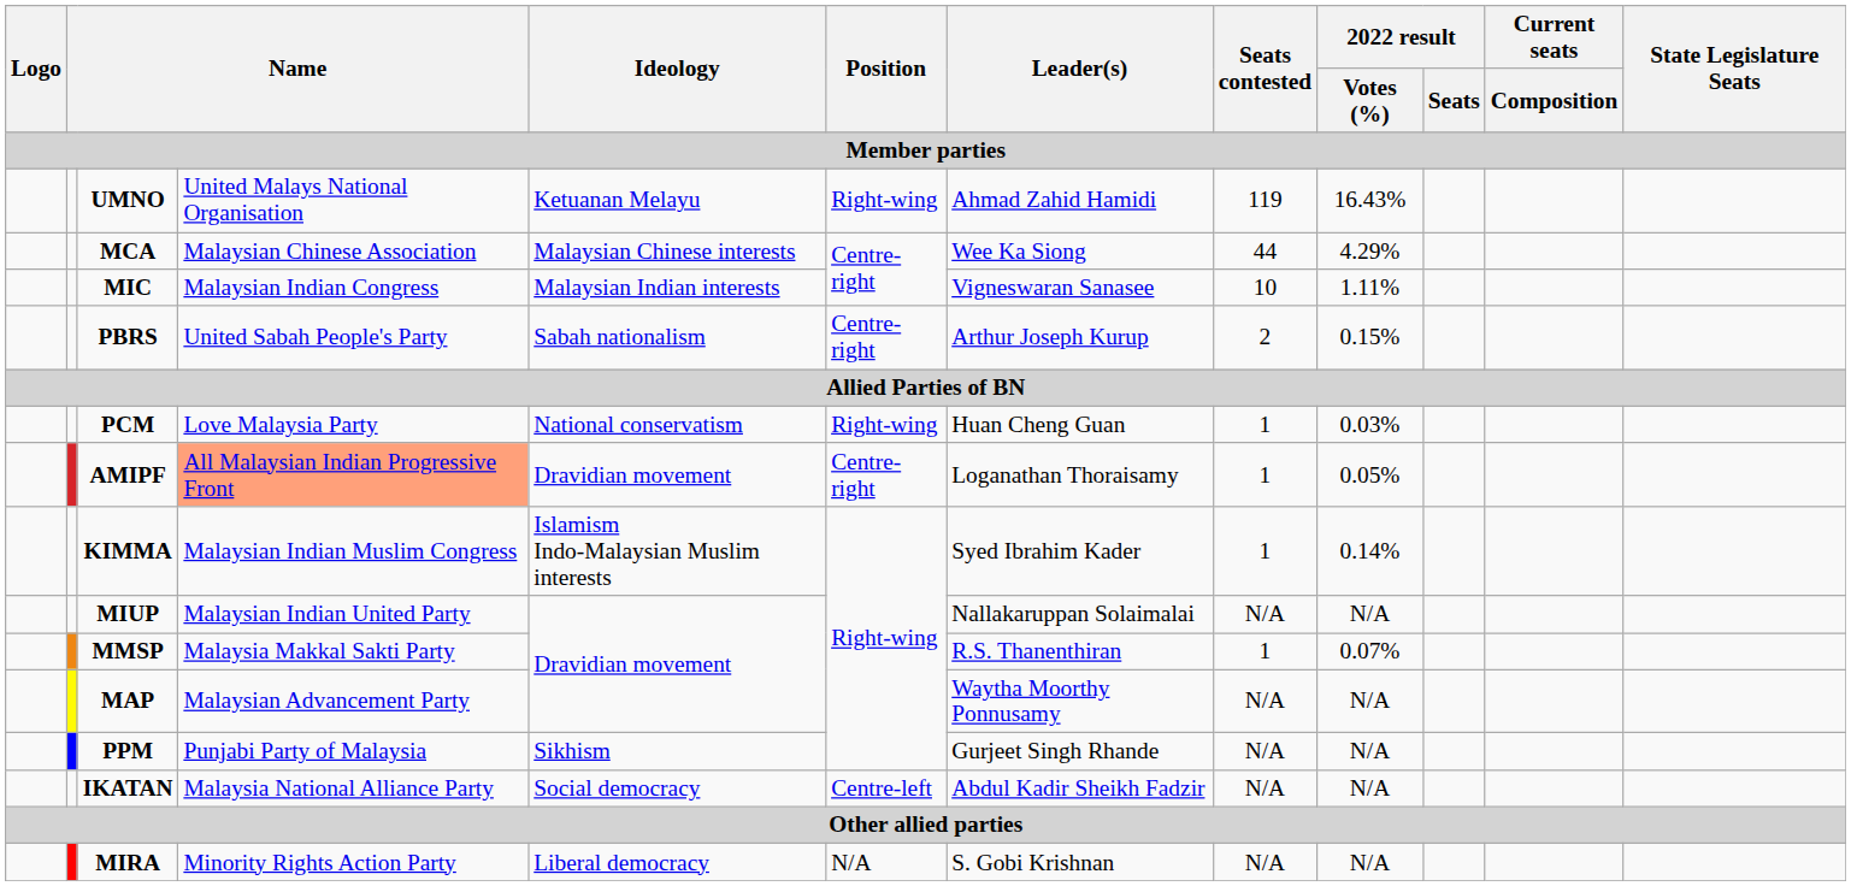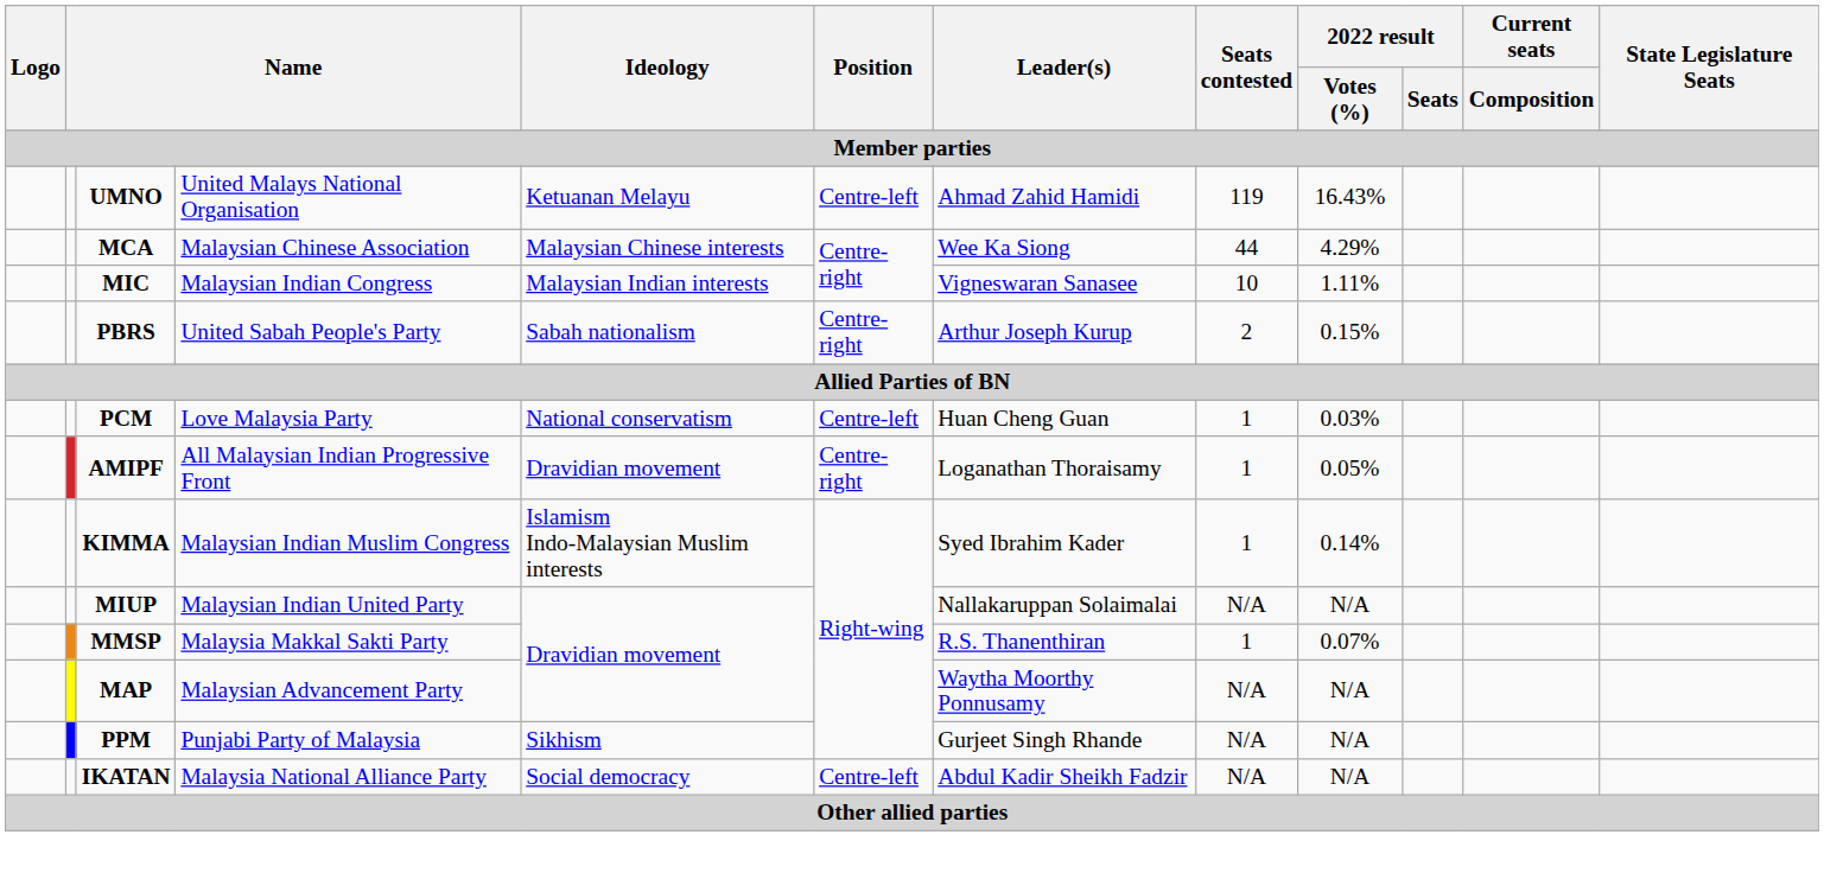 <table class="wikitable" style="width:100%;">
 <tr>
 <th rowspan="2">Logo</th>
 <th colspan="3" rowspan="2">Name</th>
 <th rowspan="2">Ideology</th>
 <th rowspan="2">Position</th>
 <th rowspan="2">Leader(s)</th>
 <th rowspan="2">Seats<br>contested</th>
 <th colspan="2">2022 result</th>
 <th>Current<br>seats</th>
 <th rowspan="2">State Legislature Seats</th>
 </tr>
 <tr>
 <th>Votes (%)</th>
 <th>Seats</th>
 <th>Composition</th>
 </tr>
 <tr>
 <td colspan="12" align="center" style="background:lightgrey;"><strong>Member parties</strong></td>
 </tr>
 <tr>
 <td></td>
 <td style="background:"></td>
 <td style="text-align:center;"><strong>UMNO</strong></td>
 <td><a href='#'>United Malays National Organisation</a><br></td>
 <td><a href='#'>Ketuanan Melayu</a></td>
-<td><a href='#'>Right-wing</a></td>
+<td><a href='#'>Centre-left</a></td>
 <td><a href='#'>Ahmad Zahid Hamidi</a></td>
 <td style="text-align:center;">119</td>
 <td style="text-align:center;">16.43%</td>
 <td></td>
 <td></td>
 <td></td>
 </tr>
 <tr>
 <td></td>
 <td style="background:"></td>
 <td style="text-align:center;"><strong>MCA</strong></td>
 <td><a href='#'>Malaysian Chinese Association</a><br></td>
 <td><a href='#'>Malaysian Chinese interests</a></td>
 <td rowspan="2"><a href='#'>Centre-right</a></td>
 <td><a href='#'>Wee Ka Siong</a></td>
 <td style="text-align:center;">44</td>
 <td style="text-align:center;">4.29%</td>
 <td></td>
 <td></td>
 <td></td>
 </tr>
 <tr>
 <td></td>
 <td style="background:"></td>
 <td style="text-align:center;"><strong>MIC</strong></td>
 <td><a href='#'>Malaysian Indian Congress</a><br></td>
 <td><a href='#'>Malaysian Indian interests</a></td>
 <td><a href='#'>Vigneswaran Sanasee</a></td>
 <td style="text-align:center;">10</td>
 <td style="text-align:center;">1.11%</td>
 <td></td>
 <td></td>
 <td></td>
 </tr>
 <tr>
 <td></td>
 <td style="background:"></td>
 <td style="text-align:center;"><strong>PBRS</strong></td>
 <td><a href='#'>United Sabah People's Party</a><br></td>
 <td><a href='#'>Sabah nationalism</a></td>
 <td><a href='#'>Centre-right</a></td>
 <td><a href='#'>Arthur Joseph Kurup</a></td>
 <td style="text-align:center;">2</td>
 <td style="text-align:center;">0.15%</td>
 <td></td>
 <td></td>
 <td></td>
 </tr>
 <tr>
 <td colspan="12" align="center" style="background:lightgrey;"><strong>Allied Parties of BN</strong></td>
 </tr>
 <tr>
 <td></td>
 <td style="background:"></td>
 <td style="text-align:center;"><strong>PCM</strong></td>
 <td><a href='#'>Love Malaysia Party</a><br></td>
 <td><a href='#'>National conservatism</a></td>
-<td><a href='#'>Right-wing</a></td>
+<td><a href='#'>Centre-left</a></td>
 <td>Huan Cheng Guan</td>
 <td style="text-align:center;">1</td>
 <td style="text-align:center;">0.03%</td>
 <td></td>
 <td></td>
 <td></td>
 </tr>
 <tr>
 <td></td>
 <td style="background:#D7242A;"></td>
 <td style="text-align:center;"><strong>AMIPF</strong></td>
-<td style="background: lightsalmon;"><a href='#'>All Malaysian Indian Progressive Front</a><br></td>
+<td><a href='#'>All Malaysian Indian Progressive Front</a><br></td>
 <td><a href='#'>Dravidian movement</a></td>
 <td><a href='#'>Centre-right</a></td>
 <td>Loganathan Thoraisamy</td>
 <td style="text-align:center;">1</td>
 <td style="text-align:center;">0.05%</td>
 <td></td>
 <td></td>
 <td></td>
 </tr>
 <tr>
 <td></td>
 <td style="background:"></td>
 <td style="text-align:center;"><strong>KIMMA</strong></td>
 <td><a href='#'>Malaysian Indian Muslim Congress</a><br></td>
 <td><a href='#'>Islamism</a> <br> Indo-Malaysian Muslim interests</td>
 <td rowspan="5"><a href='#'>Right-wing</a></td>
 <td>Syed Ibrahim Kader</td>
 <td style="text-align:center;">1</td>
 <td style="text-align:center;">0.14%</td>
 <td></td>
 <td></td>
 <td></td>
 </tr>
 <tr>
 <td></td>
 <td style="background:"></td>
 <td style="text-align:center;"><strong>MIUP</strong></td>
 <td><a href='#'>Malaysian Indian United Party</a><br></td>
 <td rowspan="3"><a href='#'>Dravidian movement</a></td>
 <td>Nallakaruppan Solaimalai</td>
 <td style="text-align:center;">N/A</td>
 <td style="text-align:center;">N/A</td>
 <td></td>
 <td></td>
 <td></td>
 </tr>
 <tr>
 <td></td>
 <td style="background:#EF8611;"></td>
 <td style="text-align:center;"><strong>MMSP</strong></td>
 <td><a href='#'>Malaysia Makkal Sakti Party</a><br></td>
 <td><a href='#'>R.S. Thanenthiran</a></td>
 <td style="text-align:center;">1</td>
 <td style="text-align:center;">0.07%</td>
 <td></td>
 <td></td>
 <td></td>
 </tr>
 <tr>
 <td></td>
 <td style="background:#FFFB03;"></td>
 <td style="text-align:center;"><strong>MAP</strong></td>
 <td><a href='#'>Malaysian Advancement Party</a><br></td>
 <td><a href='#'>Waytha Moorthy Ponnusamy</a></td>
 <td style="text-align:center;">N/A</td>
 <td style="text-align:center;">N/A</td>
 <td></td>
 <td></td>
 <td></td>
 </tr>
 <tr>
 <td></td>
 <td style="background:#0000FF;"></td>
 <td style="text-align:center;"><strong>PPM</strong></td>
 <td><a href='#'>Punjabi Party of Malaysia</a><br></td>
 <td><a href='#'>Sikhism</a></td>
 <td>Gurjeet Singh Rhande</td>
 <td style="text-align:center;">N/A</td>
 <td style="text-align:center;">N/A</td>
 <td></td>
 <td></td>
 <td></td>
 </tr>
 <tr>
 <td></td>
 <td style="background:"></td>
 <td style="text-align:center;"><strong>IKATAN</strong></td>
 <td><a href='#'>Malaysia National Alliance Party</a><br></td>
 <td><a href='#'>Social democracy</a></td>
 <td><a href='#'>Centre-left</a></td>
 <td><a href='#'>Abdul Kadir Sheikh Fadzir</a></td>
 <td style="text-align:center;">N/A</td>
 <td style="text-align:center;">N/A</td>
 <td></td>
 <td></td>
 <td></td>
 </tr>
 <tr>
 <td colspan="12" align="center" style="background:lightgrey;"><strong>Other allied parties</strong></td>
 </tr>
-<tr>
-<td></td>
-<td style="background:#FF0000;"></td>
-<td style="text-align:center;"><strong>MIRA</strong></td>
-<td><a href='#'>Minority Rights Action Party</a><br></td>
-<td><a href='#'>Liberal democracy</a></td>
-<td>N/A</td>
-<td>S. Gobi Krishnan</td>
-<td style="text-align:center;">N/A</td>
-<td style="text-align:center;">N/A</td>
-<td></td>
-<td></td>
-<td></td>
-</tr>
 </table>
